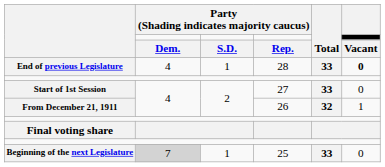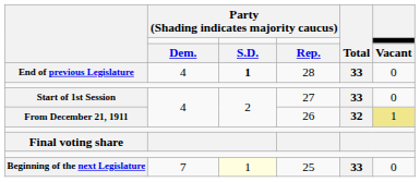 <table class=wikitable style="text-align:center">
 <tr style="vertical-align:bottom;">
 <th rowspan=3></th>
 <th colspan=3>Party <div>(Shading indicates majority caucus)</div></th>
 <th rowspan=3>Total</th>
 <th></th>
 </tr>
 <tr style="height:5px">
 <td style="background-color:"></td>
 <td style="background-color:"></td>
 <td style="background-color:"></td>
 <td style="background:black;"></td>
 </tr>
 <tr>
 <th><a href='#'>Dem.</a></th>
 <th><a href='#'>S.D.</a></th>
 <th><a href='#'>Rep.</a></th>
 <th>Vacant</th>
 </tr>
 <tr>
 <th style="font-size:80%;">End of <a href='#'>previous Legislature</a></th>
 <td>4</td>
-<td>1</td>
+<td><strong>1</strong></td>
 <td>28</td>
 <th>33</th>
-<td><strong>0</strong></td>
+<td>0</td>
 </tr>
 <tr>
 <td colspan=6></td>
 </tr>
 <tr>
 <th style="font-size:80%;">Start of 1st Session</th>
 <td rowspan="2">4</td>
 <td rowspan="2">2</td>
 <td>27</td>
 <th>33</th>
 <td>0</td>
 </tr>
 <tr>
 <th style="font-size:80%;">From December 21, 1911</th>
 <td>26</td>
 <th>32</th>
-<td>1</td>
+<td style="background: khaki;">1</td>
 </tr>
 <tr>
 <td colspan=6></td>
 </tr>
 <tr>
 <th>Final voting share</th>
 <th colspan=2></th>
 <th></th>
 <th colspan=2></th>
 </tr>
 <tr>
 <td colspan=6></td>
 </tr>
 <tr>
 <th style="font-size:80%;">Beginning of the <a href='#'>next Legislature</a></th>
-<td style="background: lightgrey;">7</td>
-<td>1</td>
+<td>7</td>
+<td style="background: lightyellow;">1</td>
 <td>25</td>
 <th>33</th>
 <td>0</td>
 </tr>
 </table>
